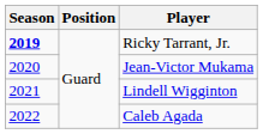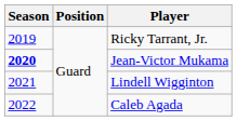 <table class="wikitable">
 <tr>
 <th>Season</th>
 <th>Position</th>
 <th>Player</th>
 </tr>
 <tr>
-<td><strong><a href='#'>2019</a></strong></td>
+<td><a href='#'>2019</a></td>
 <td rowspan="4">Guard</td>
 <td>Ricky Tarrant, Jr.</td>
 </tr>
 <tr>
-<td><a href='#'>2020</a></td>
+<td><strong><a href='#'>2020</a></strong></td>
 <td><a href='#'>Jean-Victor Mukama</a></td>
 </tr>
 <tr>
 <td><a href='#'>2021</a></td>
 <td><a href='#'>Lindell Wigginton</a></td>
 </tr>
 <tr>
 <td><a href='#'>2022</a></td>
 <td><a href='#'>Caleb Agada</a></td>
 </tr>
 </table>
